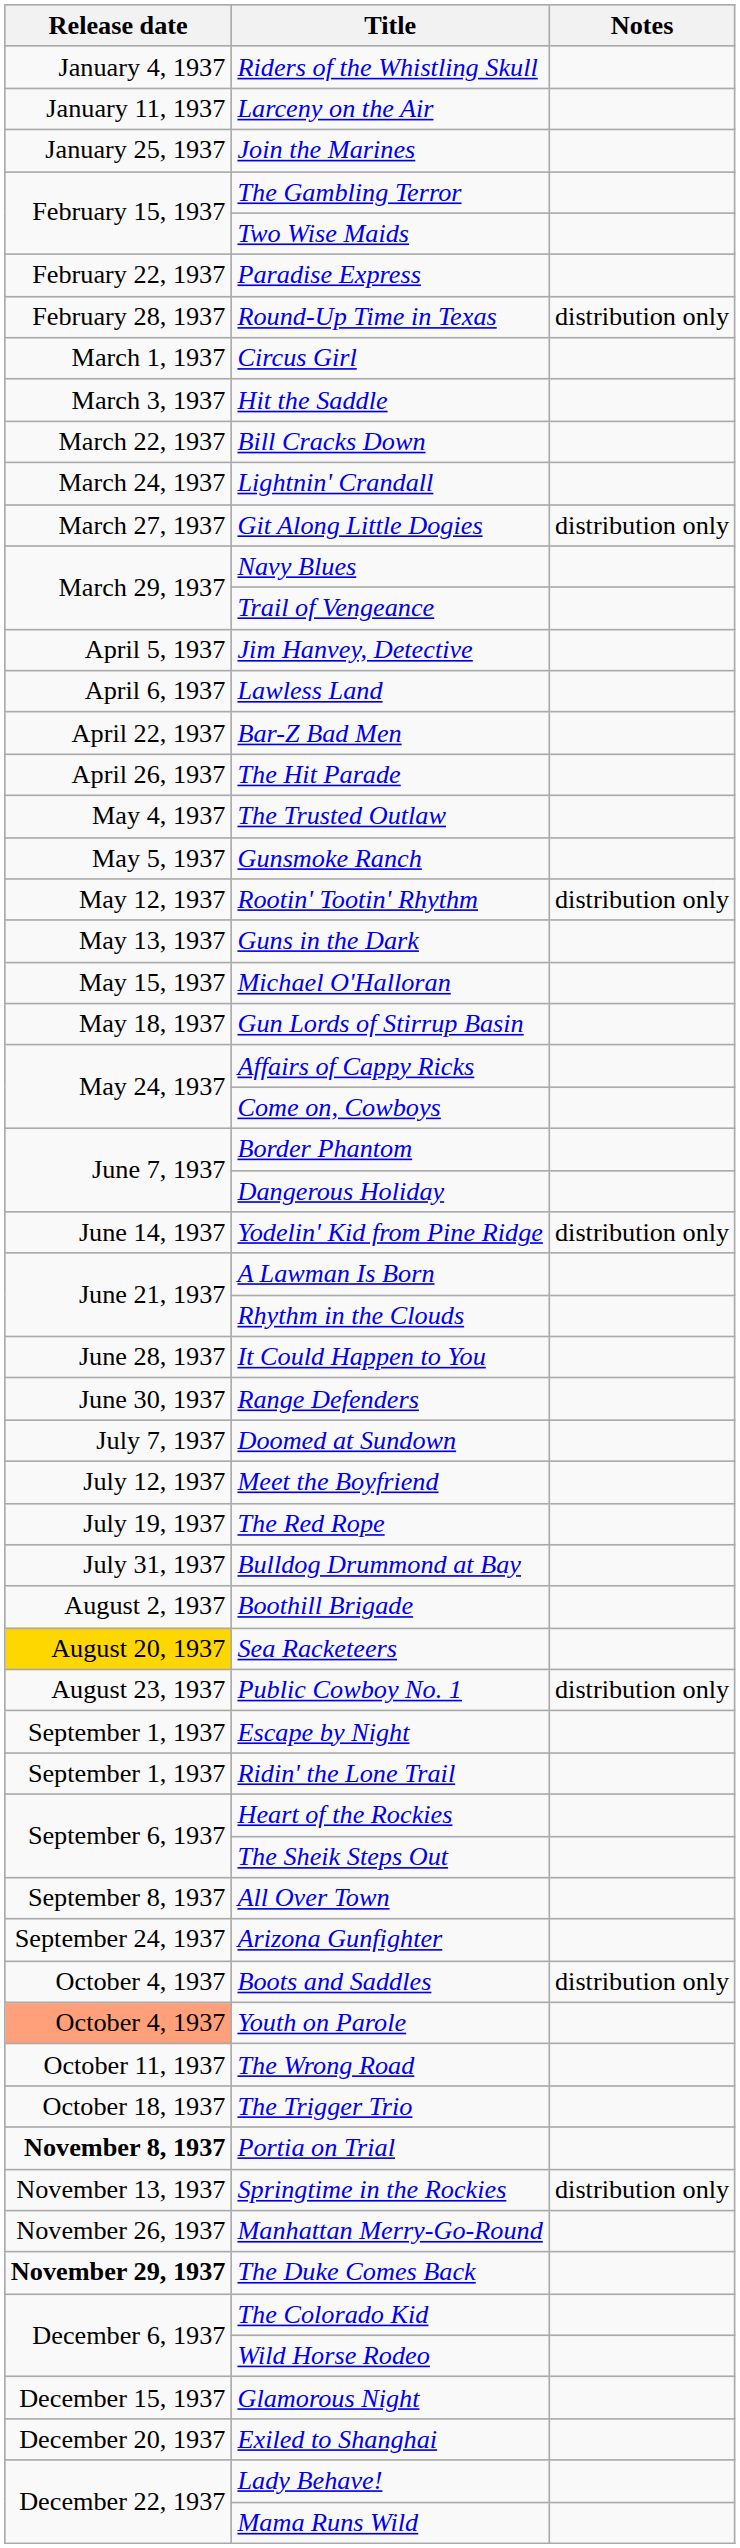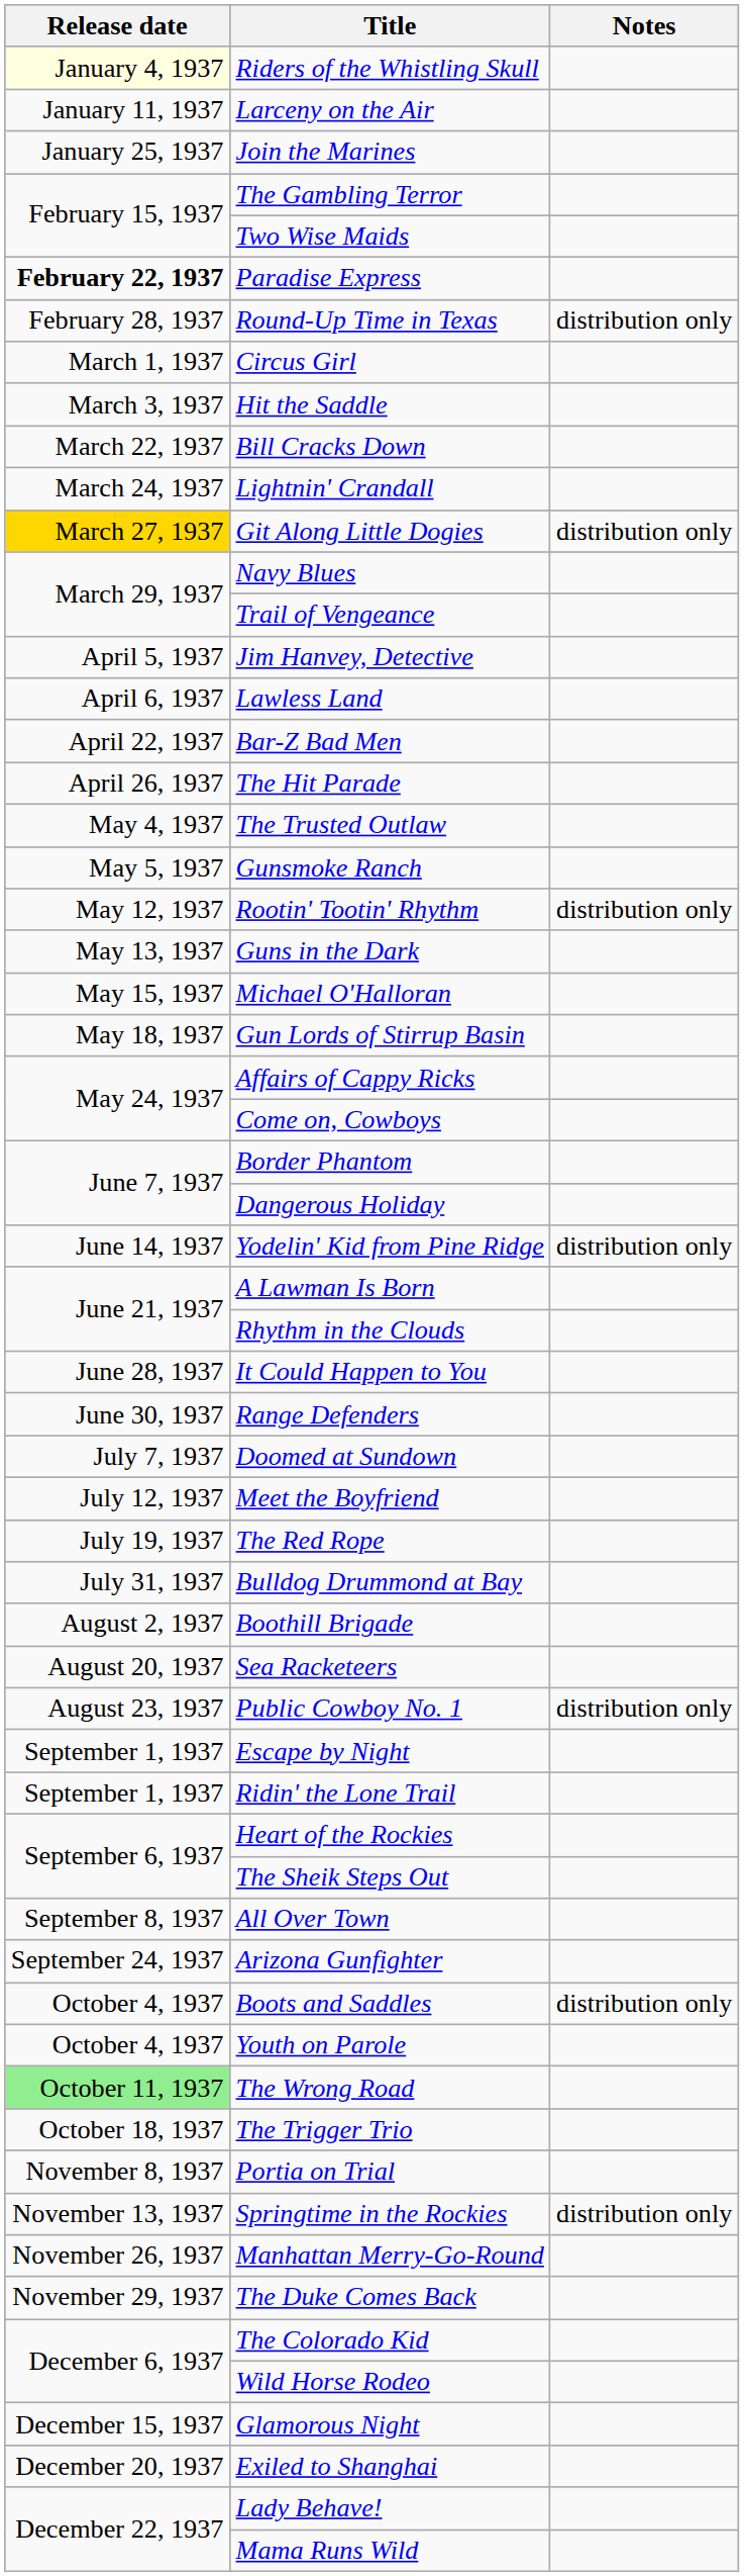 <table class="wikitable sortable">
 <tr>
 <th>Release date</th>
 <th>Title</th>
 <th>Notes</th>
 </tr>
 <tr>
-<td align="right">January 4, 1937</td>
+<td align="right" style="background: lightyellow;">January 4, 1937</td>
 <td><em><a href='#'>Riders of the Whistling Skull</a></em></td>
 <td></td>
 </tr>
 <tr>
 <td align="right">January 11, 1937</td>
 <td><em><a href='#'>Larceny on the Air</a></em></td>
 <td></td>
 </tr>
 <tr>
 <td align="right">January 25, 1937</td>
 <td><em><a href='#'>Join the Marines</a></em></td>
 <td></td>
 </tr>
 <tr>
 <td align="right" rowspan="2">February 15, 1937</td>
 <td><em><a href='#'>The Gambling Terror</a></em></td>
 <td></td>
 </tr>
 <tr>
 <td><em><a href='#'>Two Wise Maids</a></em></td>
 <td></td>
 </tr>
 <tr>
-<td align="right">February 22, 1937</td>
+<td align="right"><strong>February 22, 1937</strong></td>
 <td><em><a href='#'>Paradise Express</a></em></td>
 <td></td>
 </tr>
 <tr>
 <td align="right">February 28, 1937</td>
 <td><em><a href='#'>Round-Up Time in Texas</a></em></td>
 <td>distribution only</td>
 </tr>
 <tr>
 <td align="right">March 1, 1937</td>
 <td><em><a href='#'>Circus Girl</a></em></td>
 <td></td>
 </tr>
 <tr>
 <td align="right">March 3, 1937</td>
 <td><em><a href='#'>Hit the Saddle</a></em></td>
 <td></td>
 </tr>
 <tr>
 <td align="right">March 22, 1937</td>
 <td><em><a href='#'>Bill Cracks Down</a></em></td>
 <td></td>
 </tr>
 <tr>
 <td align="right">March 24, 1937</td>
 <td><em><a href='#'>Lightnin' Crandall</a></em></td>
 <td></td>
 </tr>
 <tr>
-<td align="right">March 27, 1937</td>
+<td align="right" style="background: gold;">March 27, 1937</td>
 <td><em><a href='#'>Git Along Little Dogies</a></em></td>
 <td>distribution only</td>
 </tr>
 <tr>
 <td align="right" rowspan="2">March 29, 1937</td>
 <td><em><a href='#'>Navy Blues</a></em></td>
 <td></td>
 </tr>
 <tr>
 <td><em><a href='#'>Trail of Vengeance</a></em></td>
 <td></td>
 </tr>
 <tr>
 <td align="right">April 5, 1937</td>
 <td><em><a href='#'>Jim Hanvey, Detective</a></em></td>
 <td></td>
 </tr>
 <tr>
 <td align="right">April 6, 1937</td>
 <td><em><a href='#'>Lawless Land</a></em></td>
 <td></td>
 </tr>
 <tr>
 <td align="right">April 22, 1937</td>
 <td><em><a href='#'>Bar-Z Bad Men</a></em></td>
 <td></td>
 </tr>
 <tr>
 <td align="right">April 26, 1937</td>
 <td><em><a href='#'>The Hit Parade</a></em></td>
 <td></td>
 </tr>
 <tr>
 <td align="right">May 4, 1937</td>
 <td><em><a href='#'>The Trusted Outlaw</a></em></td>
 <td></td>
 </tr>
 <tr>
 <td align="right">May 5, 1937</td>
 <td><em><a href='#'>Gunsmoke Ranch</a></em></td>
 <td></td>
 </tr>
 <tr>
 <td align="right">May 12, 1937</td>
 <td><em><a href='#'>Rootin' Tootin' Rhythm</a></em></td>
 <td>distribution only</td>
 </tr>
 <tr>
 <td align="right">May 13, 1937</td>
 <td><em><a href='#'>Guns in the Dark</a></em></td>
 <td></td>
 </tr>
 <tr>
 <td align="right">May 15, 1937</td>
 <td><em><a href='#'>Michael O'Halloran</a></em></td>
 <td></td>
 </tr>
 <tr>
 <td align="right">May 18, 1937</td>
 <td><em><a href='#'>Gun Lords of Stirrup Basin</a></em></td>
 <td></td>
 </tr>
 <tr>
 <td align="right" rowspan="2">May 24, 1937</td>
 <td><em><a href='#'>Affairs of Cappy Ricks</a></em></td>
 <td></td>
 </tr>
 <tr>
 <td><em><a href='#'>Come on, Cowboys</a></em></td>
 <td></td>
 </tr>
 <tr>
 <td align="right" rowspan="2">June 7, 1937</td>
 <td><em><a href='#'>Border Phantom</a></em></td>
 <td></td>
 </tr>
 <tr>
 <td><em><a href='#'>Dangerous Holiday</a></em></td>
 <td></td>
 </tr>
 <tr>
 <td align="right">June 14, 1937</td>
 <td><em><a href='#'>Yodelin' Kid from Pine Ridge</a></em></td>
 <td>distribution only</td>
 </tr>
 <tr>
 <td align="right" rowspan="2">June 21, 1937</td>
 <td><em><a href='#'>A Lawman Is Born</a></em></td>
 <td></td>
 </tr>
 <tr>
 <td><em><a href='#'>Rhythm in the Clouds</a></em></td>
 <td></td>
 </tr>
 <tr>
 <td align="right">June 28, 1937</td>
 <td><em><a href='#'>It Could Happen to You</a></em></td>
 <td></td>
 </tr>
 <tr>
 <td align="right">June 30, 1937</td>
 <td><em><a href='#'>Range Defenders</a></em></td>
 <td></td>
 </tr>
 <tr>
 <td align="right">July 7, 1937</td>
 <td><em><a href='#'>Doomed at Sundown</a></em></td>
 <td></td>
 </tr>
 <tr>
 <td align="right">July 12, 1937</td>
 <td><em><a href='#'>Meet the Boyfriend</a></em></td>
 <td></td>
 </tr>
 <tr>
 <td align="right">July 19, 1937</td>
 <td><em><a href='#'>The Red Rope</a></em></td>
 <td></td>
 </tr>
 <tr>
 <td align="right">July 31, 1937</td>
 <td><em><a href='#'>Bulldog Drummond at Bay</a></em></td>
 <td></td>
 </tr>
 <tr>
 <td align="right">August 2, 1937</td>
 <td><em><a href='#'>Boothill Brigade</a></em></td>
 <td></td>
 </tr>
 <tr>
-<td align="right" style="background: gold;">August 20, 1937</td>
+<td align="right">August 20, 1937</td>
 <td><em><a href='#'>Sea Racketeers</a></em></td>
 <td></td>
 </tr>
 <tr>
 <td align="right">August 23, 1937</td>
 <td><em><a href='#'>Public Cowboy No. 1</a></em></td>
 <td>distribution only</td>
 </tr>
 <tr>
 <td align="right">September 1, 1937</td>
 <td><em><a href='#'>Escape by Night</a></em></td>
 <td></td>
 </tr>
 <tr>
 <td align="right">September 1, 1937</td>
 <td><em><a href='#'>Ridin' the Lone Trail</a></em></td>
 <td></td>
 </tr>
 <tr>
 <td align="right" rowspan="2">September 6, 1937</td>
 <td><em><a href='#'>Heart of the Rockies</a></em></td>
 <td></td>
 </tr>
 <tr>
 <td><em><a href='#'>The Sheik Steps Out</a></em></td>
 <td></td>
 </tr>
 <tr>
 <td align="right">September 8, 1937</td>
 <td><em><a href='#'>All Over Town</a></em></td>
 <td></td>
 </tr>
 <tr>
 <td align="right">September 24, 1937</td>
 <td><em><a href='#'>Arizona Gunfighter</a></em></td>
 <td></td>
 </tr>
 <tr>
 <td align="right">October 4, 1937</td>
 <td><em><a href='#'>Boots and Saddles</a></em></td>
 <td>distribution only</td>
 </tr>
 <tr>
-<td align="right" style="background: lightsalmon;">October 4, 1937</td>
+<td align="right">October 4, 1937</td>
 <td><em><a href='#'>Youth on Parole</a></em></td>
 <td></td>
 </tr>
 <tr>
-<td align="right">October 11, 1937</td>
+<td align="right" style="background: lightgreen;">October 11, 1937</td>
 <td><em><a href='#'>The Wrong Road</a></em></td>
 <td></td>
 </tr>
 <tr>
 <td align="right">October 18, 1937</td>
 <td><em><a href='#'>The Trigger Trio</a></em></td>
 <td></td>
 </tr>
 <tr>
-<td align="right"><strong>November 8, 1937</strong></td>
+<td align="right">November 8, 1937</td>
 <td><em><a href='#'>Portia on Trial</a></em></td>
 <td></td>
 </tr>
 <tr>
 <td align="right">November 13, 1937</td>
 <td><em><a href='#'>Springtime in the Rockies</a></em></td>
 <td>distribution only</td>
 </tr>
 <tr>
 <td align="right">November 26, 1937</td>
 <td><em><a href='#'>Manhattan Merry-Go-Round</a></em></td>
 <td></td>
 </tr>
 <tr>
-<td align="right"><strong>November 29, 1937</strong></td>
+<td align="right">November 29, 1937</td>
 <td><em><a href='#'>The Duke Comes Back</a></em></td>
 <td></td>
 </tr>
 <tr>
 <td align="right" rowspan="2">December 6, 1937</td>
 <td><em><a href='#'>The Colorado Kid</a></em></td>
 <td></td>
 </tr>
 <tr>
 <td><em><a href='#'>Wild Horse Rodeo</a></em></td>
 <td></td>
 </tr>
 <tr>
 <td align="right">December 15, 1937</td>
 <td><em><a href='#'>Glamorous Night</a></em></td>
 <td></td>
 </tr>
 <tr>
 <td align="right">December 20, 1937</td>
 <td><em><a href='#'>Exiled to Shanghai</a></em></td>
 <td></td>
 </tr>
 <tr>
 <td align="right" rowspan="2">December 22, 1937</td>
 <td><em><a href='#'>Lady Behave!</a></em></td>
 <td></td>
 </tr>
 <tr>
 <td><em><a href='#'>Mama Runs Wild</a></em></td>
 <td></td>
 </tr>
 <tr>
 </tr>
 </table>
